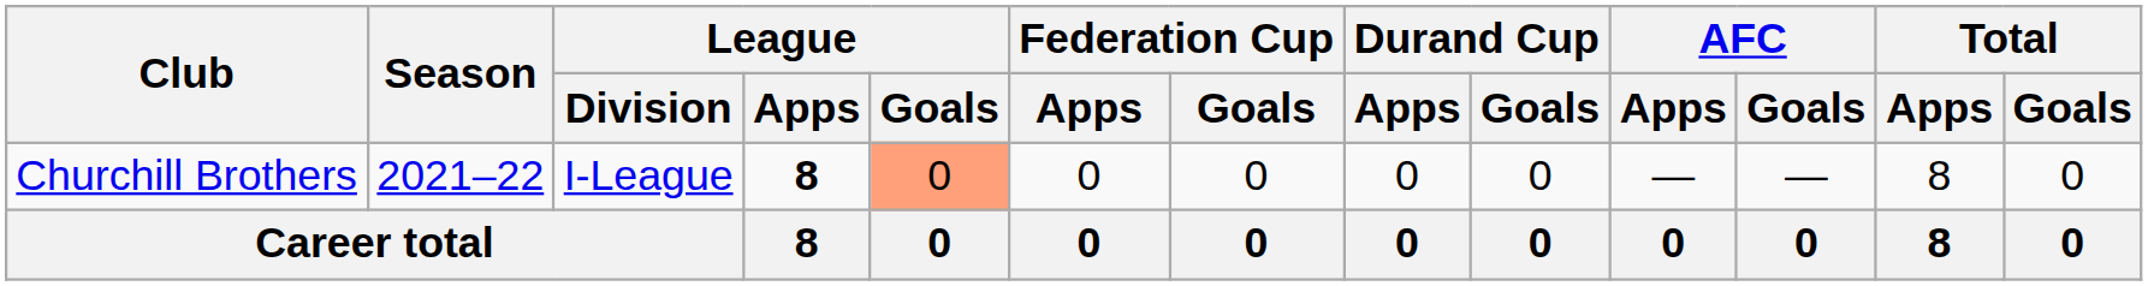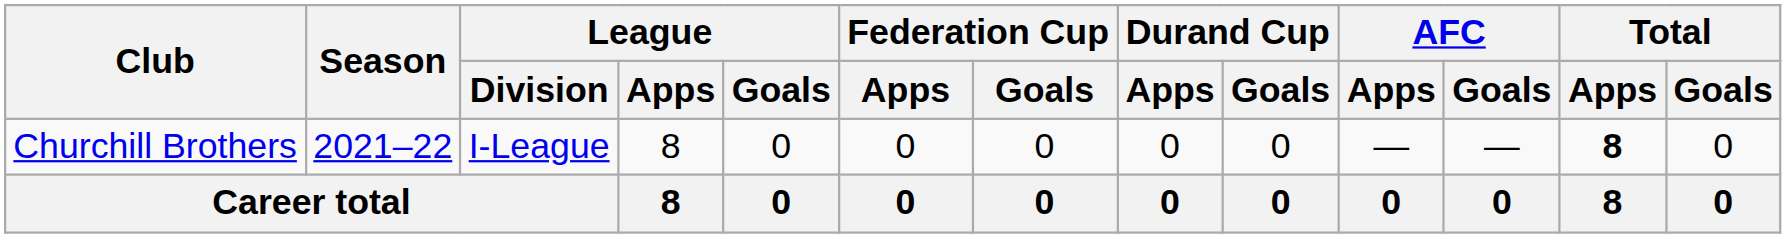 <table class="wikitable" style="text-align:center">
 <tr>
 <th rowspan="2">Club</th>
 <th rowspan="2">Season</th>
 <th colspan="3">League</th>
 <th colspan="2">Federation Cup</th>
 <th colspan="2">Durand Cup</th>
 <th colspan="2"><a href='#'>AFC</a></th>
 <th colspan="2">Total</th>
 </tr>
 <tr>
 <th>Division</th>
 <th>Apps</th>
 <th>Goals</th>
 <th>Apps</th>
 <th>Goals</th>
 <th>Apps</th>
 <th>Goals</th>
 <th>Apps</th>
 <th>Goals</th>
 <th>Apps</th>
 <th>Goals</th>
 </tr>
 <tr>
 <td><a href='#'>Churchill Brothers</a></td>
 <td><a href='#'>2021–22</a></td>
 <td><a href='#'>I-League</a></td>
-<td><strong>8</strong></td>
-<td style="background: lightsalmon;">0</td>
+<td>8</td>
+<td>0</td>
 <td>0</td>
 <td>0</td>
 <td>0</td>
 <td>0</td>
 <td>—</td>
 <td>—</td>
-<td>8</td>
+<td><strong>8</strong></td>
 <td>0</td>
 </tr>
 <tr>
 <th colspan="3">Career total</th>
 <th>8</th>
 <th>0</th>
 <th>0</th>
 <th>0</th>
 <th>0</th>
 <th>0</th>
 <th>0</th>
 <th>0</th>
 <th>8</th>
 <th>0</th>
 </tr>
 </table>
